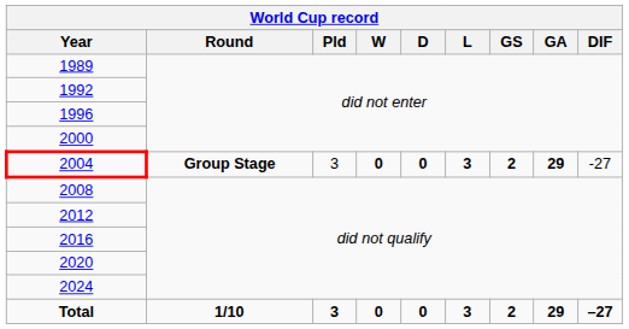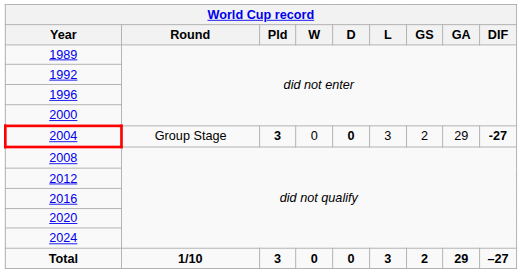 <table class="wikitable" style="text-align: center;font-size:90%;">
 <tr>
 <th colspan=9><a href='#'>World Cup record</a></th>
 </tr>
 <tr>
 <th width=125>Year</th>
 <th width=150>Round</th>
 <th width=35>Pld</th>
 <th width=35>W</th>
 <th width=35>D</th>
 <th width=35>L</th>
 <th width=35>GS</th>
 <th width=35>GA</th>
 <th width=35>DIF</th>
 </tr>
 <tr bgcolor=>
 <td> <a href='#'>1989</a></td>
 <td colspan=8 rowspan=4><em>did not enter</em></td>
 </tr>
 <tr bgcolor=>
 <td> <a href='#'>1992</a></td>
 </tr>
 <tr bgcolor=>
 <td> <a href='#'>1996</a></td>
 </tr>
 <tr bgcolor=>
 <td> <a href='#'>2000</a></td>
 </tr>
 <tr bgcolor=>
 <td style="border: 3px solid red"> <a href='#'>2004</a></td>
-<td><strong>Group Stage</strong></td>
+<td>Group Stage</td>
+<td><strong>3</strong></td>
+<td>0</td>
+<td><strong>0</strong></td>
 <td>3</td>
-<td><strong>0</strong></td>
-<td><strong>0</strong></td>
-<td><strong>3</strong></td>
-<td><strong>2</strong></td>
-<td><strong>29</strong></td>
-<td>-27</td>
+<td>2</td>
+<td>29</td>
+<td><strong>-27</strong></td>
 </tr>
 <tr bgcolor=>
 <td> <a href='#'>2008</a></td>
 <td colspan=8 rowspan = 5><em>did not qualify</em></td>
 </tr>
 <tr bgcolor=>
 <td> <a href='#'>2012</a></td>
 </tr>
 <tr bgcolor=>
 <td> <a href='#'>2016</a></td>
 </tr>
 <tr bgcolor=>
 <td> <a href='#'>2020</a></td>
 </tr>
 <tr bgcolor=>
 <td> <a href='#'>2024</a></td>
 </tr>
 <tr bgcolor=>
 <td><strong>Total</strong></td>
 <td><strong>1/10</strong></td>
 <td><strong>3</strong></td>
 <td><strong>0</strong></td>
 <td><strong>0</strong></td>
 <td><strong>3</strong></td>
 <td><strong>2</strong></td>
 <td><strong>29</strong></td>
 <td><strong>–27</strong></td>
 </tr>
 </table>
